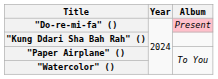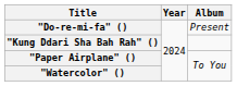 <table class="wikitable plainrowheaders" style="text-align:center">
 <tr>
 <th scope="col">Title</th>
 <th scope="col">Year</th>
 <th scope="col">Album</th>
 </tr>
 <tr>
 <th scope="row">"Do-re-mi-fa" ()</th>
 <td rowspan="4">2024</td>
-<td style="background: pink;"><em>Present</em></td>
+<td><em>Present</em></td>
 </tr>
 <tr>
 <th scope="row">"Kung Ddari Sha Bah Rah" ()</th>
 <td></td>
 </tr>
 <tr>
 <th scope="row">"Paper Airplane" ()</th>
 <td rowspan="2"><em>To You</em></td>
 </tr>
 <tr>
 <th scope="row">"Watercolor" ()</th>
 </tr>
 </table>
